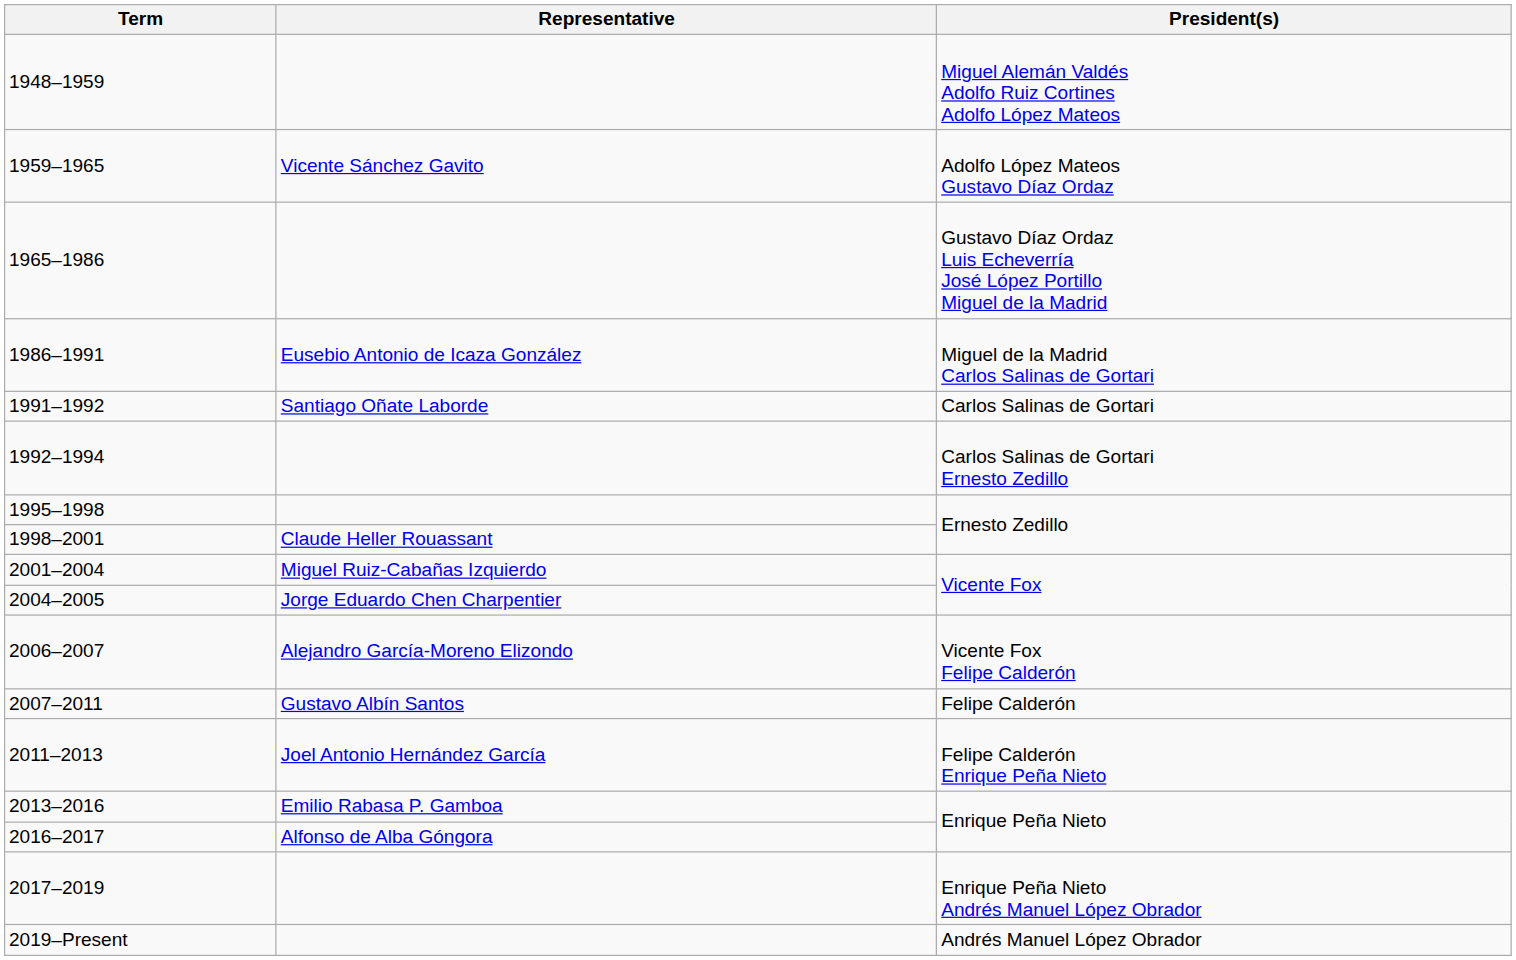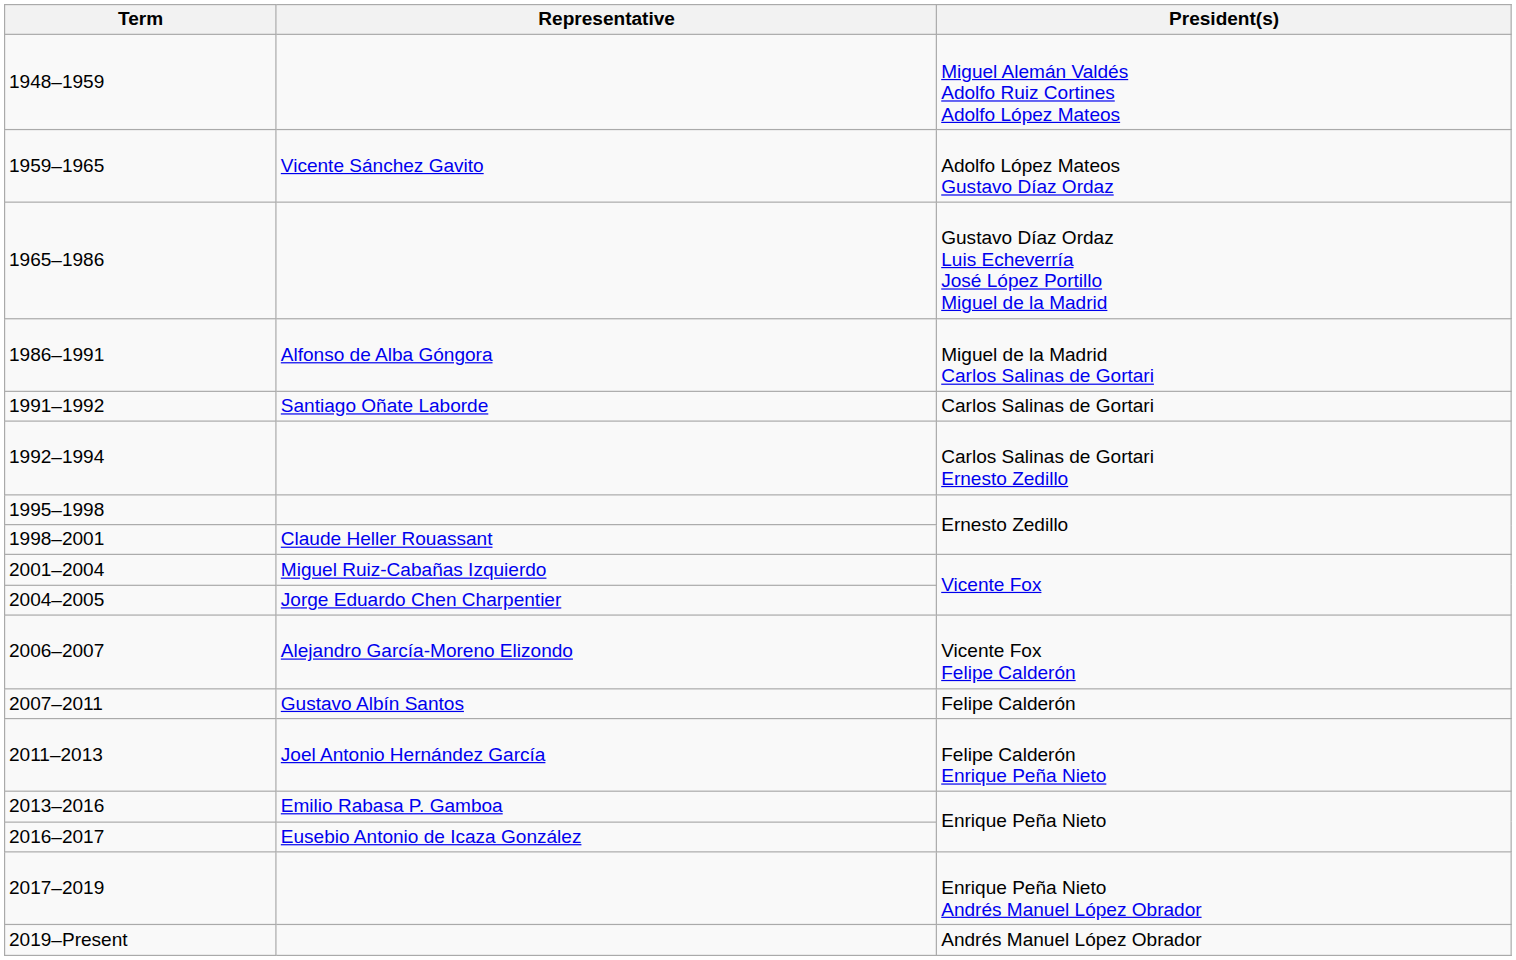 <table class="wikitable"  style="width: 80%">
 <tr>
 <th>Term</th>
 <th>Representative</th>
 <th>President(s)</th>
 </tr>
 <tr>
 <td>1948–1959</td>
 <td></td>
 <td><br><a href='#'>Miguel Alemán Valdés</a> <br>  <a href='#'>Adolfo Ruiz Cortines</a> <br>  <a href='#'>Adolfo López Mateos</a> <br></td>
 </tr>
 <tr>
 <td>1959–1965</td>
 <td><a href='#'>Vicente Sánchez Gavito</a></td>
 <td><br>Adolfo López Mateos <br>  <a href='#'>Gustavo Díaz Ordaz</a> <br></td>
 </tr>
 <tr>
 <td>1965–1986</td>
 <td></td>
 <td><br>Gustavo Díaz Ordaz <br>  <a href='#'>Luis Echeverría</a> <br>  <a href='#'>José López Portillo</a> <br>  <a href='#'>Miguel de la Madrid</a> <br></td>
 </tr>
 <tr>
 <td>1986–1991</td>
-<td><a href='#'>Eusebio Antonio de Icaza González</a></td>
+<td><a href='#'>Alfonso de Alba Góngora</a></td>
 <td><br>Miguel de la Madrid <br>  <a href='#'>Carlos Salinas de Gortari</a> <br></td>
 </tr>
 <tr>
 <td>1991–1992</td>
 <td><a href='#'>Santiago Oñate Laborde</a></td>
 <td>Carlos Salinas de Gortari</td>
 </tr>
 <tr>
 <td>1992–1994</td>
 <td></td>
 <td><br>Carlos Salinas de Gortari <br>  <a href='#'>Ernesto Zedillo</a></td>
 </tr>
 <tr>
 <td>1995–1998</td>
 <td></td>
 <td rowspan=2>Ernesto Zedillo</td>
 </tr>
 <tr>
 <td>1998–2001</td>
 <td><a href='#'>Claude Heller Rouassant</a></td>
 </tr>
 <tr>
 <td>2001–2004</td>
 <td><a href='#'>Miguel Ruiz-Cabañas Izquierdo</a></td>
 <td rowspan=2><a href='#'>Vicente Fox</a></td>
 </tr>
 <tr>
 <td>2004–2005</td>
 <td><a href='#'>Jorge Eduardo Chen Charpentier</a></td>
 </tr>
 <tr>
 <td>2006–2007</td>
 <td><a href='#'>Alejandro García-Moreno Elizondo</a></td>
 <td><br>Vicente Fox <br>  <a href='#'>Felipe Calderón</a></td>
 </tr>
 <tr>
 <td>2007–2011</td>
 <td><a href='#'>Gustavo Albín Santos</a></td>
 <td>Felipe Calderón</td>
 </tr>
 <tr>
 <td>2011–2013</td>
 <td><a href='#'>Joel Antonio Hernández García</a></td>
 <td><br>Felipe Calderón <br>  <a href='#'>Enrique Peña Nieto</a></td>
 </tr>
 <tr>
 <td>2013–2016</td>
 <td><a href='#'>Emilio Rabasa P. Gamboa</a></td>
 <td rowspan=2>Enrique Peña Nieto</td>
 </tr>
 <tr>
 <td>2016–2017</td>
-<td><a href='#'>Alfonso de Alba Góngora</a></td>
+<td><a href='#'>Eusebio Antonio de Icaza González</a></td>
 </tr>
 <tr>
 <td>2017–2019</td>
 <td></td>
 <td><br>Enrique Peña Nieto <br>  <a href='#'>Andrés Manuel López Obrador</a></td>
 </tr>
 <tr>
 <td>2019–Present</td>
 <td></td>
 <td rowspan=2>Andrés Manuel López Obrador</td>
 </tr>
 </table>
